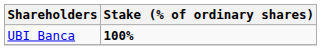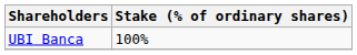 <table class="wikitable">
 <tr>
 <th>Shareholders</th>
 <th>Stake (% of ordinary shares)</th>
 </tr>
 <tr>
 <td><a href='#'>UBI Banca</a></td>
-<td><strong>100%</strong></td>
+<td>100%</td>
 </tr>
 <tr>
 </tr>
 </table>
